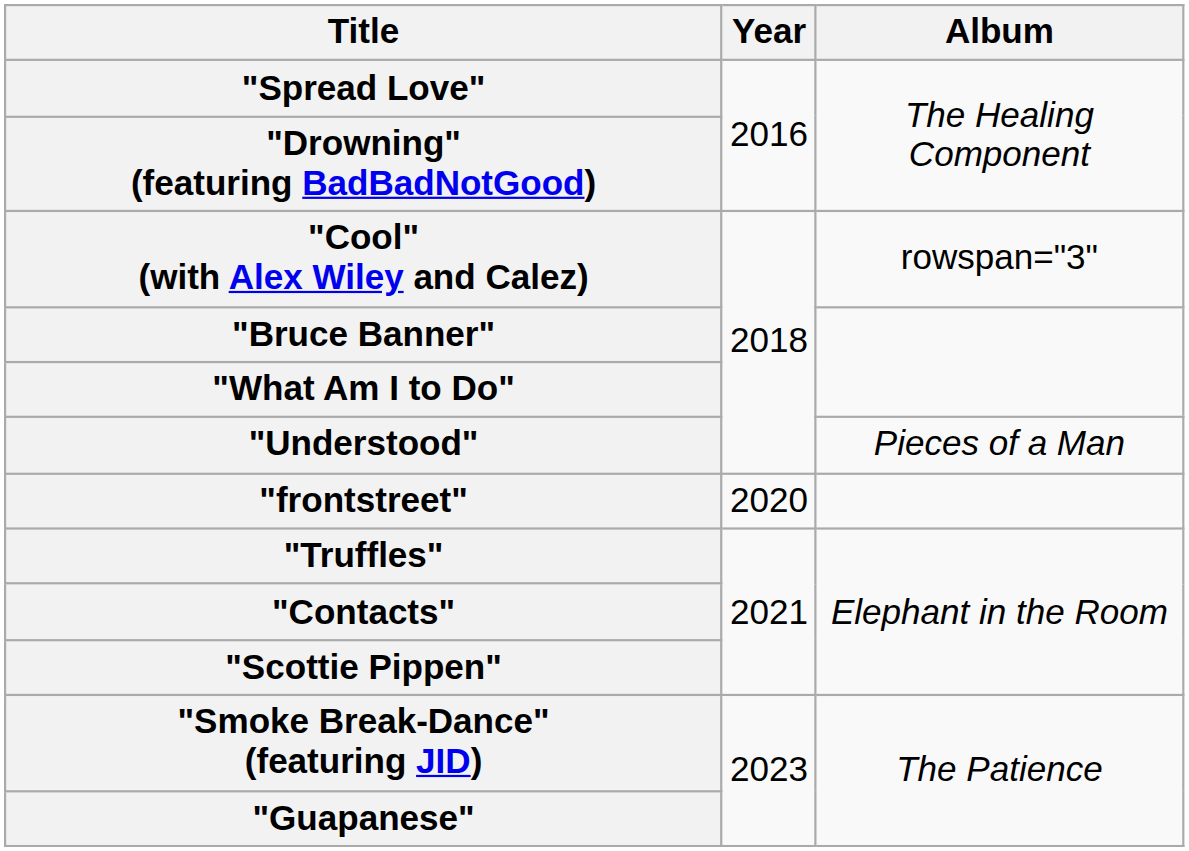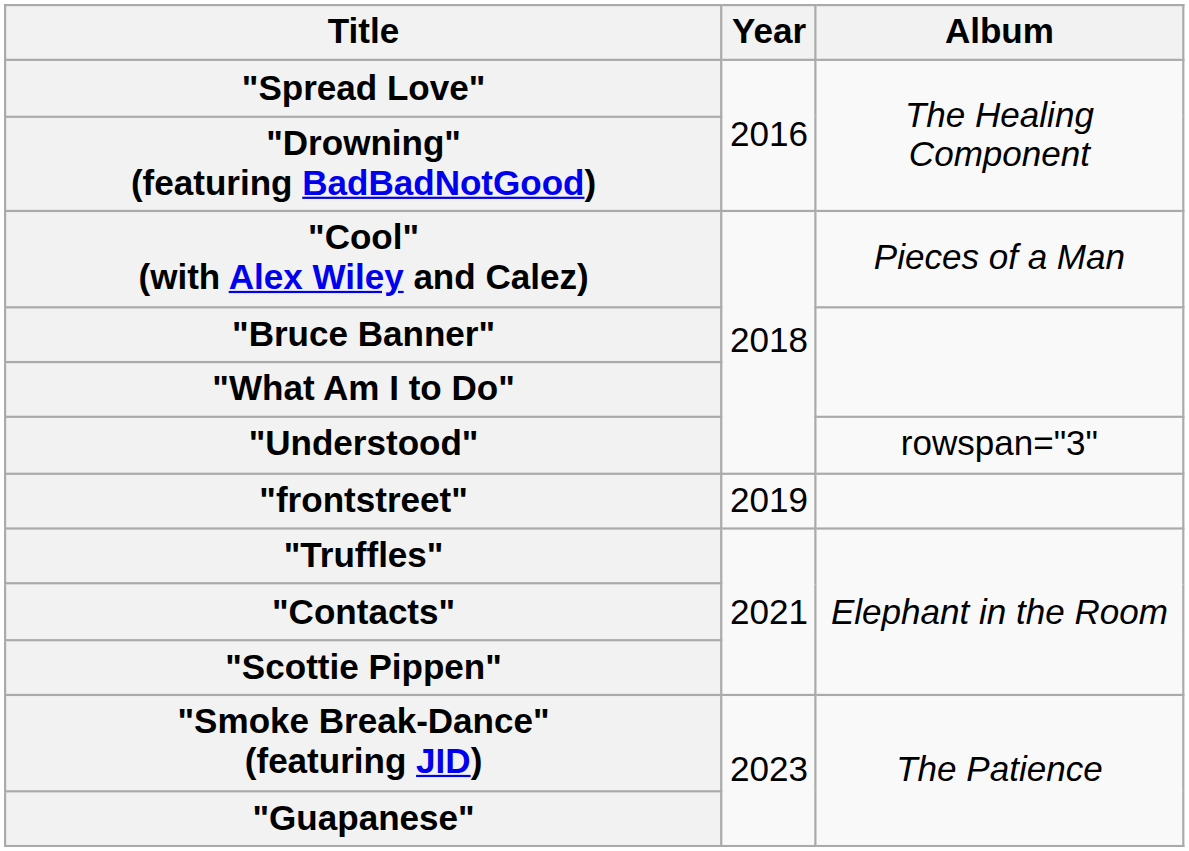 <table class="wikitable plainrowheaders" style="text-align:center;">
 <tr>
 <th scope="col" style="width:20em;">Title</th>
 <th scope="col" style="width:1em;">Year</th>
 <th scope="col" style="width:10em;">Album</th>
 </tr>
 <tr>
 <th scope="row">"Spread Love"</th>
 <td rowspan="2">2016</td>
 <td rowspan="2"><em>The Healing Component</em></td>
 </tr>
 <tr>
 <th scope="row">"Drowning"<br><span>(featuring <a href='#'>BadBadNotGood</a>)</span></th>
 </tr>
 <tr>
 <th scope="row">"Cool"<br><span>(with <a href='#'>Alex Wiley</a> and Calez)</span></th>
 <td rowspan="4">2018</td>
-<td>rowspan="3" </td>
+<td><em>Pieces of a Man</em></td>
 </tr>
 <tr>
 <th scope="row">"Bruce Banner"</th>
 </tr>
 <tr>
 <th scope="row">"What Am I to Do"</th>
 </tr>
 <tr>
 <th scope="row">"Understood"</th>
-<td><em>Pieces of a Man</em></td>
+<td>rowspan="3" </td>
 </tr>
 <tr>
 <th scope="row">"frontstreet"</th>
-<td>2020</td>
+<td>2019</td>
 <td></td>
 </tr>
 <tr>
 <th scope="row">"Truffles"</th>
 <td rowspan="3">2021</td>
 <td rowspan="3"><em>Elephant in the Room</em></td>
 </tr>
 <tr>
 <th scope="row">"Contacts"</th>
 </tr>
 <tr>
 <th scope="row">"Scottie Pippen"</th>
 </tr>
 <tr>
 <th scope="row">"Smoke Break-Dance" <br><span>(featuring <a href='#'>JID</a>)</span></th>
 <td rowspan="2">2023</td>
 <td rowspan="2"><em>The Patience</em></td>
 </tr>
 <tr>
 <th scope="row">"Guapanese"</th>
 </tr>
 </table>
